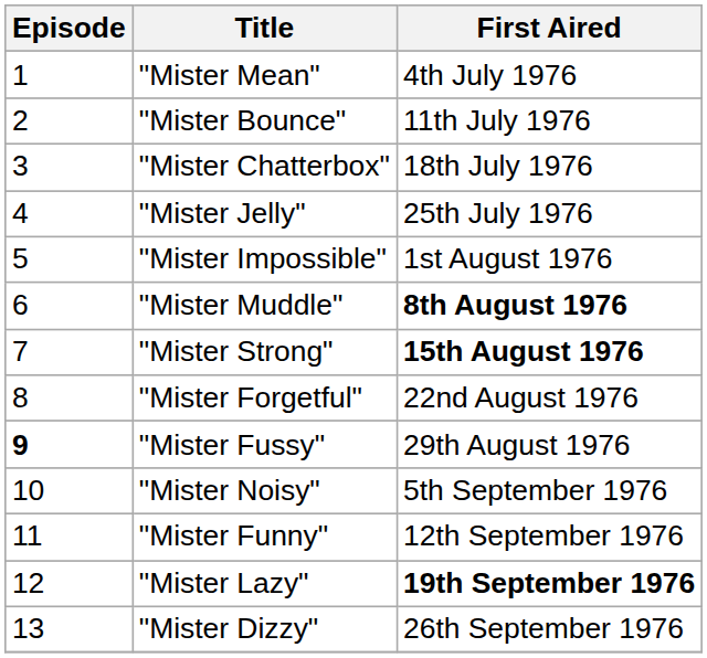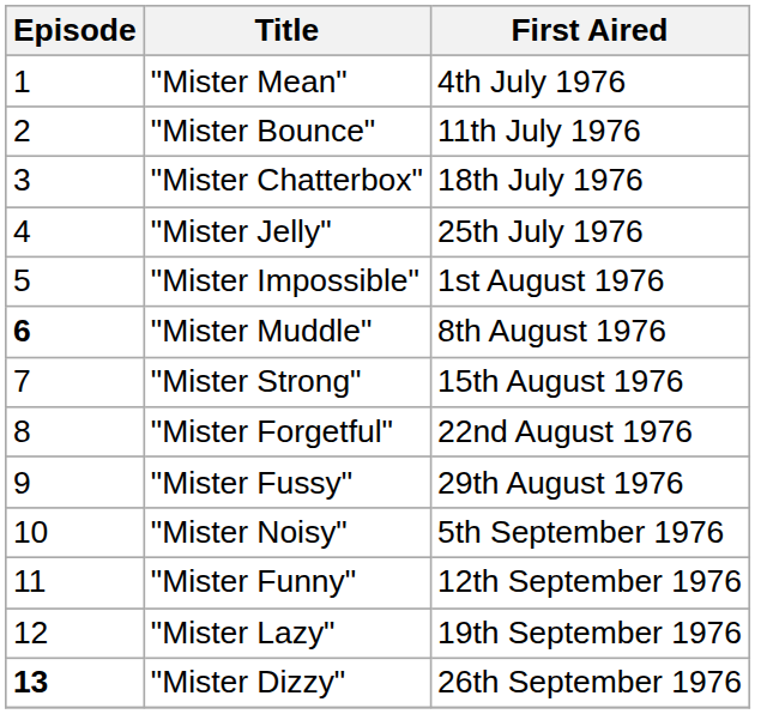 <table class="wikitable sortable" style="background: #FFFFFF;">
 <tr>
 <th>Episode</th>
 <th>Title</th>
 <th>First Aired</th>
 </tr>
 <tr>
 <td>1</td>
 <td>"Mister Mean"</td>
 <td>4th July 1976</td>
 </tr>
 <tr>
 <td>2</td>
 <td>"Mister Bounce"</td>
 <td>11th July 1976</td>
 </tr>
 <tr>
 <td>3</td>
 <td>"Mister Chatterbox"</td>
 <td>18th July 1976</td>
 </tr>
 <tr>
 <td>4</td>
 <td>"Mister Jelly" </td>
 <td>25th July 1976</td>
 </tr>
 <tr>
 <td>5</td>
 <td>"Mister Impossible"</td>
 <td>1st August 1976</td>
 </tr>
 <tr>
-<td>6</td>
+<td><strong>6</strong></td>
 <td>"Mister Muddle"</td>
-<td><strong>8th August 1976</strong></td>
+<td>8th August 1976</td>
 </tr>
 <tr>
 <td>7</td>
 <td>"Mister Strong"</td>
-<td><strong>15th August 1976</strong></td>
+<td>15th August 1976</td>
 </tr>
 <tr>
 <td>8</td>
 <td>"Mister Forgetful"</td>
 <td>22nd August 1976</td>
 </tr>
 <tr>
-<td><strong>9</strong></td>
+<td>9</td>
 <td>"Mister Fussy" </td>
 <td>29th August 1976</td>
 </tr>
 <tr>
 <td>10</td>
 <td>"Mister Noisy"</td>
 <td>5th September 1976</td>
 </tr>
 <tr>
 <td>11</td>
 <td>"Mister Funny"</td>
 <td>12th September 1976</td>
 </tr>
 <tr>
 <td>12</td>
 <td>"Mister Lazy"</td>
-<td><strong>19th September 1976</strong></td>
+<td>19th September 1976</td>
 </tr>
 <tr>
-<td>13</td>
+<td><strong>13</strong></td>
 <td>"Mister Dizzy"</td>
 <td>26th September 1976</td>
 </tr>
 <tr>
 </tr>
 </table>
